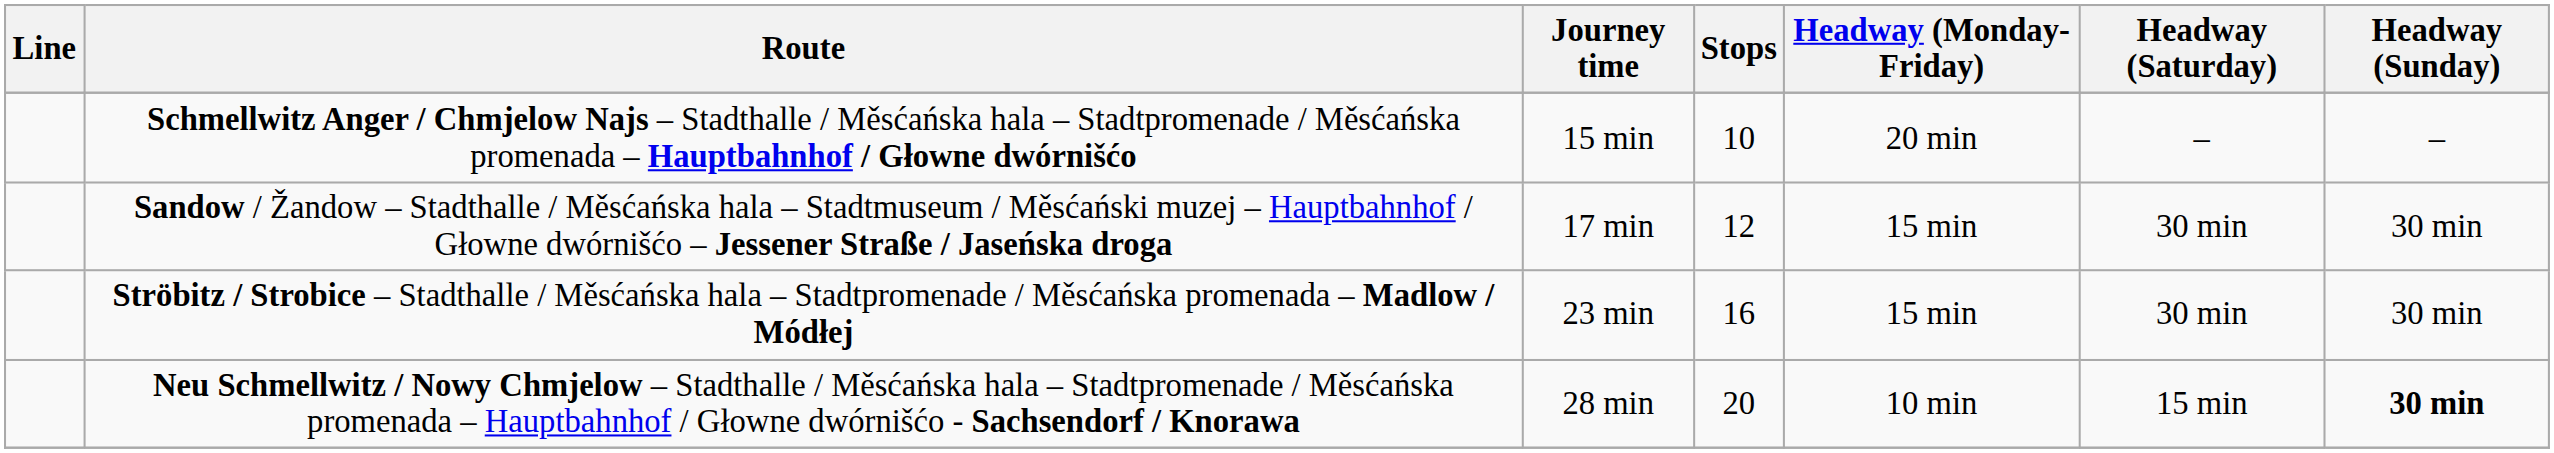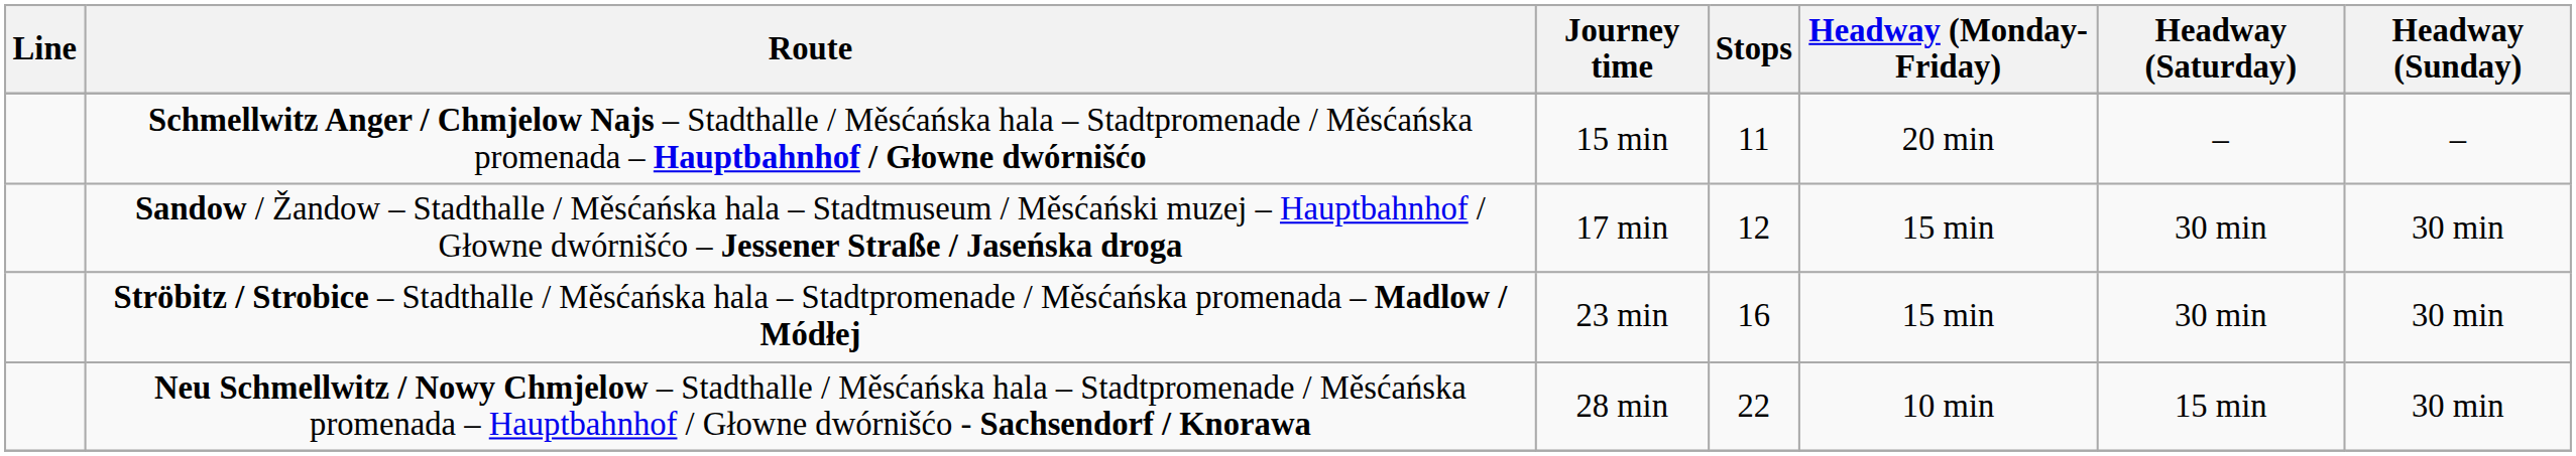 <table class="wikitable" style="text-align:center;">
 <tr>
 <th>Line</th>
 <th>Route</th>
 <th>Journey time</th>
 <th>Stops</th>
 <th><a href='#'>Headway</a> (Monday-Friday)</th>
 <th>Headway (Saturday)</th>
 <th>Headway (Sunday)</th>
 </tr>
 <tr>
 </tr>
 <tr>
 <td></td>
 <td><strong>Schmellwitz Anger / Chmjelow Najs</strong> – Stadthalle / Měsćańska hala – Stadtpromenade / Měsćańska promenada – <strong><a href='#'>Hauptbahnhof</a> / Głowne dwórnišćo</strong></td>
 <td>15 min</td>
-<td>10</td>
+<td>11</td>
 <td>20 min</td>
 <td>–</td>
 <td>–</td>
 </tr>
 <tr>
 <td></td>
 <td><strong>Sandow</strong> / Žandow – Stadthalle / Měsćańska hala – Stadtmuseum / Měsćański muzej – <a href='#'>Hauptbahnhof</a> / Głowne dwórnišćo – <strong>Jessener Straße / Jaseńska droga</strong></td>
 <td>17 min</td>
 <td>12</td>
 <td>15 min</td>
 <td>30 min</td>
 <td>30 min</td>
 </tr>
 <tr>
 <td></td>
 <td><strong>Ströbitz / Strobice</strong> – Stadthalle / Měsćańska hala – Stadtpromenade / Měsćańska promenada – <strong>Madlow / Módłej</strong></td>
 <td>23 min</td>
 <td>16</td>
 <td>15 min</td>
 <td>30 min</td>
 <td>30 min</td>
 </tr>
 <tr>
 <td></td>
 <td><strong>Neu Schmellwitz / Nowy Chmjelow</strong> – Stadthalle / Měsćańska hala – Stadtpromenade / Měsćańska promenada – <a href='#'>Hauptbahnhof</a> / Głowne dwórnišćo - <strong>Sachsendorf / Knorawa</strong></td>
 <td>28 min</td>
-<td>20</td>
+<td>22</td>
 <td>10 min</td>
 <td>15 min</td>
-<td><strong>30 min</strong></td>
+<td>30 min</td>
 </tr>
 <tr>
 </tr>
 </table>
